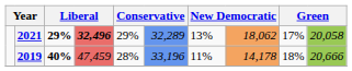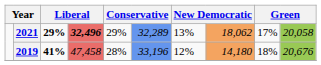 <table class="wikitable" style="float:right; width:400; font-size:90%; margin-left:1em;">
 <tr>
 <th colspan="2" scope="col">Year</th>
 <th colspan="2" scope="col"><a href='#'>Liberal</a></th>
 <th colspan="2" scope="col"><a href='#'>Conservative</a></th>
 <th colspan="2" scope="col"><a href='#'>New Democratic</a></th>
 <th colspan="2" scope="col"><a href='#'>Green</a></th>
 </tr>
 <tr>
 <td rowspan="2" style="width: 0.25em; background-color: "></td>
 <th><a href='#'>2021</a></th>
 <td><strong>29%</strong></td>
 <td style="text-align:right; background:#EA6D6A;"><strong><em>32,496</em></strong></td>
 <td>29%</td>
 <td style="text-align:right; background:#6495ED;"><em>32,289</em></td>
 <td>13%</td>
 <td style="text-align:right; background:#F4A460;"><em>18,062</em></td>
 <td>17%</td>
 <td style="text-align:right; background:#99C955;"><em>20,058</em></td>
 </tr>
 <tr>
 <th><a href='#'>2019</a></th>
-<td><strong>40%</strong></td>
-<td style="text-align:right; background:#EA6D6A;"><em>47,459</em></td>
+<td><strong>41%</strong></td>
+<td style="text-align:right; background:#EA6D6A;"><em>47,458</em></td>
 <td>28%</td>
 <td style="text-align:right; background:#6495ED;"><em>33,196</em></td>
-<td>11%</td>
-<td style="text-align:right; background:#F4A460;"><em>14,178</em></td>
+<td>12%</td>
+<td style="text-align:right; background:#F4A460;"><em>14,180</em></td>
 <td>18%</td>
-<td style="text-align:right; background:#99C955;"><em>20,666</em></td>
+<td style="text-align:right; background:#99C955;"><em>20,676</em></td>
 </tr>
 <tr>
 </tr>
 </table>
